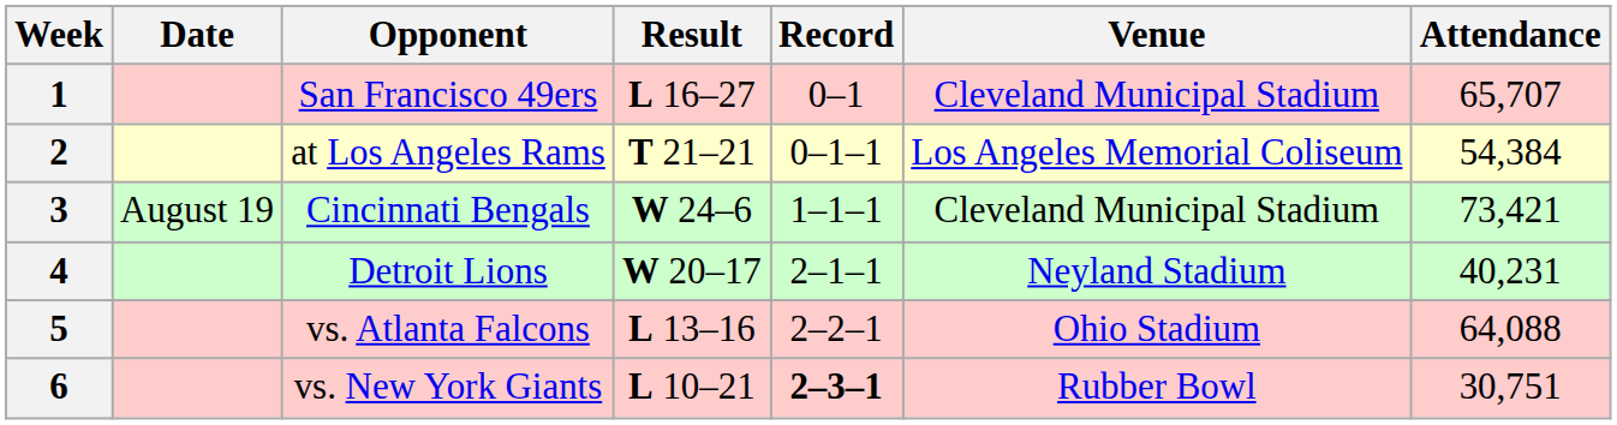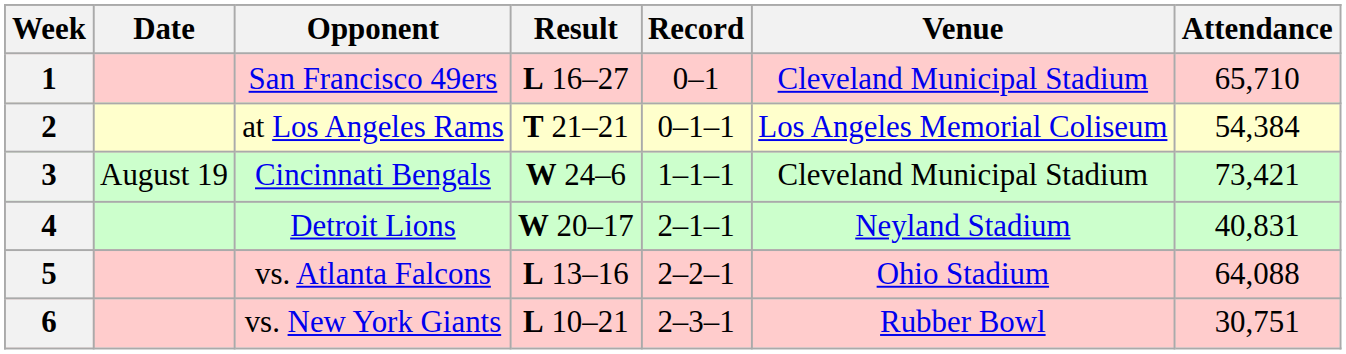 <table class="wikitable" style="text-align:center">
 <tr>
 <th>Week</th>
 <th>Date</th>
 <th>Opponent</th>
 <th>Result</th>
 <th>Record</th>
 <th>Venue</th>
 <th>Attendance</th>
 </tr>
 <tr style="background:#fcc">
 <th>1</th>
 <td></td>
 <td><a href='#'>San Francisco 49ers</a></td>
 <td><strong>L</strong> 16–27</td>
 <td>0–1</td>
 <td><a href='#'>Cleveland Municipal Stadium</a></td>
-<td>65,707</td>
+<td>65,710</td>
 </tr>
 <tr style="background:#ffc">
 <th>2</th>
 <td></td>
 <td>at <a href='#'>Los Angeles Rams</a></td>
 <td><strong>T</strong> 21–21</td>
 <td>0–1–1</td>
 <td><a href='#'>Los Angeles Memorial Coliseum</a></td>
 <td>54,384</td>
 </tr>
 <tr style="background:#cfc">
 <th>3</th>
 <td>August 19</td>
 <td><a href='#'>Cincinnati Bengals</a></td>
 <td><strong>W</strong> 24–6</td>
 <td>1–1–1</td>
 <td>Cleveland Municipal Stadium</td>
 <td>73,421</td>
 </tr>
 <tr style="background:#cfc">
 <th>4</th>
 <td></td>
 <td><a href='#'>Detroit Lions</a></td>
 <td><strong>W</strong> 20–17</td>
 <td>2–1–1</td>
 <td><a href='#'>Neyland Stadium</a></td>
-<td>40,231</td>
+<td>40,831</td>
 </tr>
 <tr style="background:#fcc">
 <th>5</th>
 <td></td>
 <td>vs. <a href='#'>Atlanta Falcons</a></td>
 <td><strong>L</strong> 13–16</td>
 <td>2–2–1</td>
 <td><a href='#'>Ohio Stadium</a></td>
 <td>64,088</td>
 </tr>
 <tr style="background:#fcc">
 <th>6</th>
 <td></td>
 <td>vs. <a href='#'>New York Giants</a></td>
 <td><strong>L</strong> 10–21</td>
-<td><strong>2–3–1</strong></td>
+<td>2–3–1</td>
 <td><a href='#'>Rubber Bowl</a></td>
 <td>30,751</td>
 </tr>
 </table>
